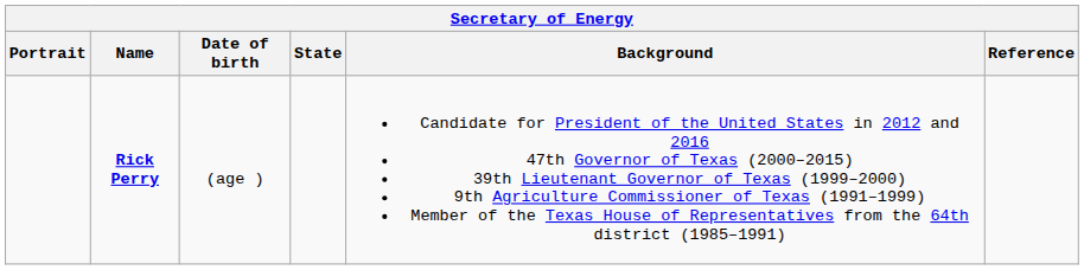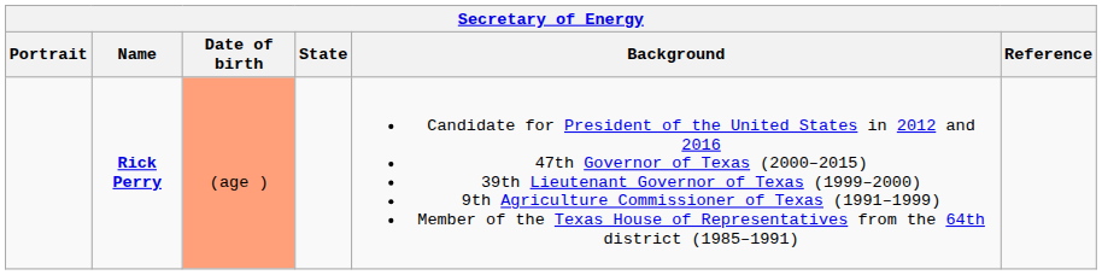 <table class="wikitable collapsible" style="text-align:center;">
 <tr>
 <th colspan="6"><a href='#'>Secretary of Energy</a></th>
 </tr>
 <tr>
 <th>Portrait</th>
 <th>Name</th>
 <th>Date of birth</th>
 <th>State</th>
 <th>Background</th>
 <th>Reference</th>
 </tr>
 <tr>
 <td></td>
 <td><strong><a href='#'>Rick Perry</a></strong></td>
-<td><br>(age )</td>
+<td style="background: lightsalmon;"><br>(age )</td>
 <td></td>
 <td><br><ul><li>Candidate for <a href='#'>President of the United States</a> in <a href='#'>2012</a> and <a href='#'>2016</a></li><li>47th <a href='#'>Governor of Texas</a> (2000–2015)</li><li>39th <a href='#'>Lieutenant Governor of Texas</a> (1999–2000)</li><li>9th <a href='#'>Agriculture Commissioner of Texas</a> (1991–1999)</li><li>Member of the <a href='#'>Texas House of Representatives</a> from the <a href='#'>64th</a> district (1985–1991)</li></ul></td>
 <td></td>
 </tr>
 </table>
